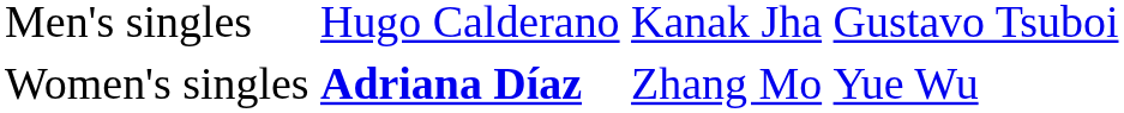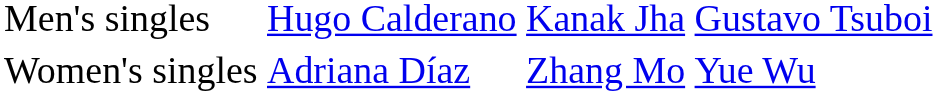 <table>
 <tr>
 <td>Men's singles <br></td>
 <td> <a href='#'>Hugo Calderano</a></td>
 <td> <a href='#'>Kanak Jha</a></td>
 <td> <a href='#'>Gustavo Tsuboi</a></td>
 </tr>
 <tr>
 <td>Women's singles <br></td>
-<td><strong> <a href='#'>Adriana Díaz</a></strong></td>
+<td> <a href='#'>Adriana Díaz</a></td>
 <td> <a href='#'>Zhang Mo</a></td>
 <td> <a href='#'>Yue Wu</a></td>
 </tr>
 <tr>
 </tr>
 </table>
